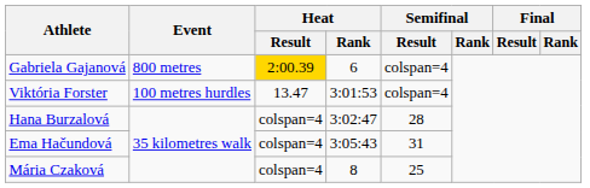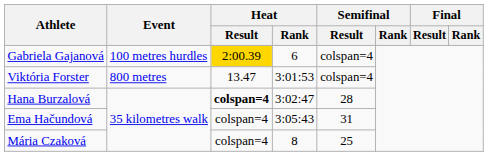 <table class="wikitable" style="font-size:90%">
 <tr>
 <th rowspan="2">Athlete</th>
 <th rowspan="2">Event</th>
 <th colspan="2">Heat</th>
 <th colspan="2">Semifinal</th>
 <th colspan="2">Final</th>
 </tr>
 <tr style="font-size:95%">
 <th>Result</th>
 <th>Rank</th>
 <th>Result</th>
 <th>Rank</th>
 <th>Result</th>
 <th>Rank</th>
 </tr>
 <tr align=center>
 <td align=left><a href='#'>Gabriela Gajanová</a></td>
-<td align=left><a href='#'>800 metres</a></td>
+<td align=left><a href='#'>100 metres hurdles</a></td>
 <td style="background: gold;">2:00.39</td>
 <td>6</td>
 <td>colspan=4 </td>
 </tr>
 <tr align=center>
 <td align=left><a href='#'>Viktória Forster</a></td>
-<td align=left><a href='#'>100 metres hurdles</a></td>
+<td align=left><a href='#'>800 metres</a></td>
 <td>13.47</td>
 <td>3:01:53 </td>
 <td>colspan=4 </td>
 </tr>
 <tr align=center>
 <td align=left><a href='#'>Hana Burzalová</a></td>
 <td align=left rowspan=3><a href='#'>35 kilometres walk</a></td>
-<td>colspan=4</td>
+<td><strong>colspan=4</strong></td>
 <td>3:02:47 </td>
 <td>28</td>
 </tr>
 <tr align=center>
 <td align=left><a href='#'>Ema Hačundová</a></td>
 <td>colspan=4</td>
 <td>3:05:43 </td>
 <td>31</td>
 </tr>
 <tr align=center>
 <td align=left><a href='#'>Mária Czaková</a></td>
 <td>colspan=4</td>
 <td>8</td>
 <td>25</td>
 </tr>
 </table>
